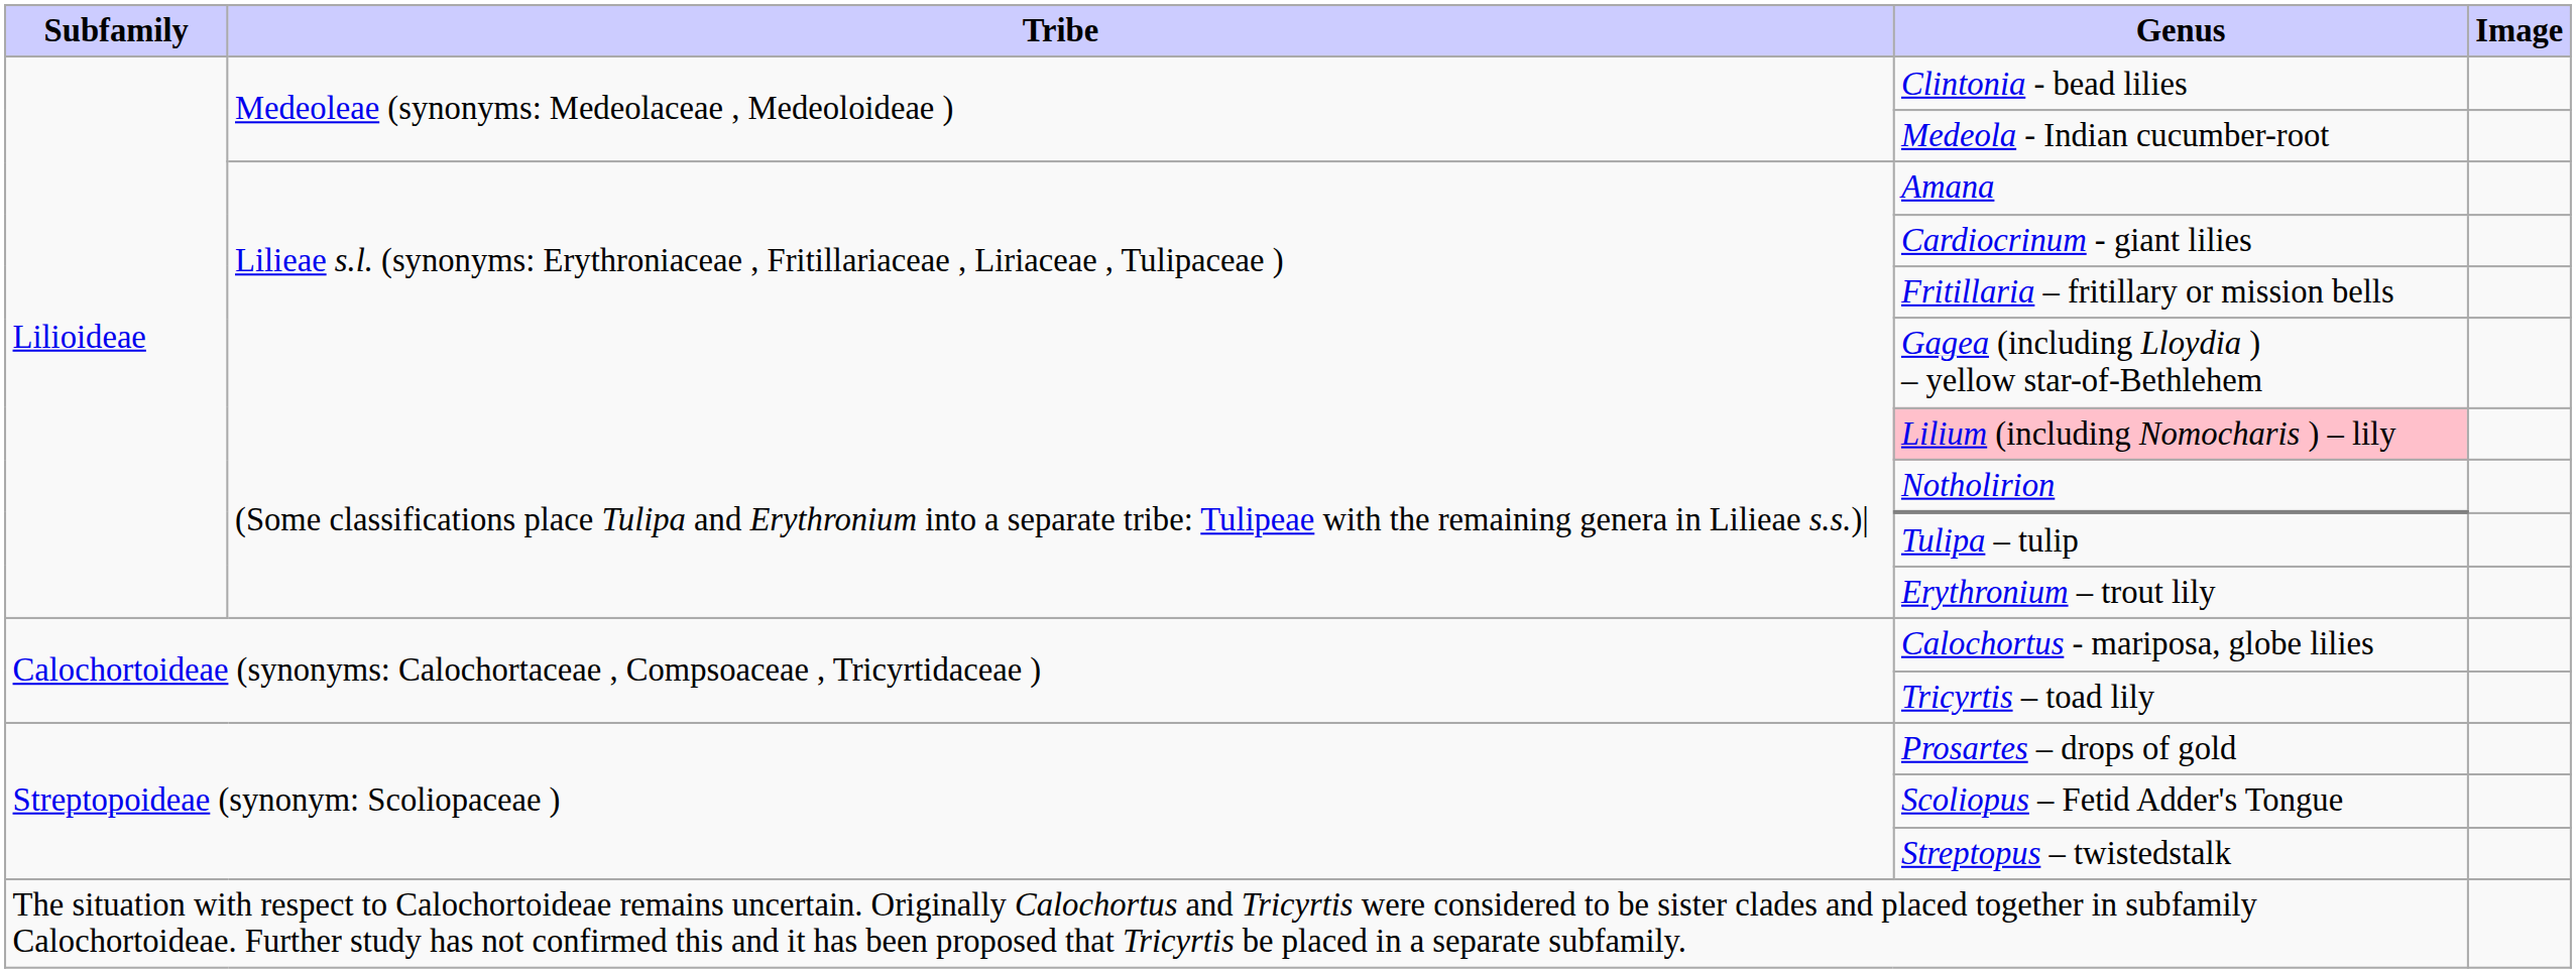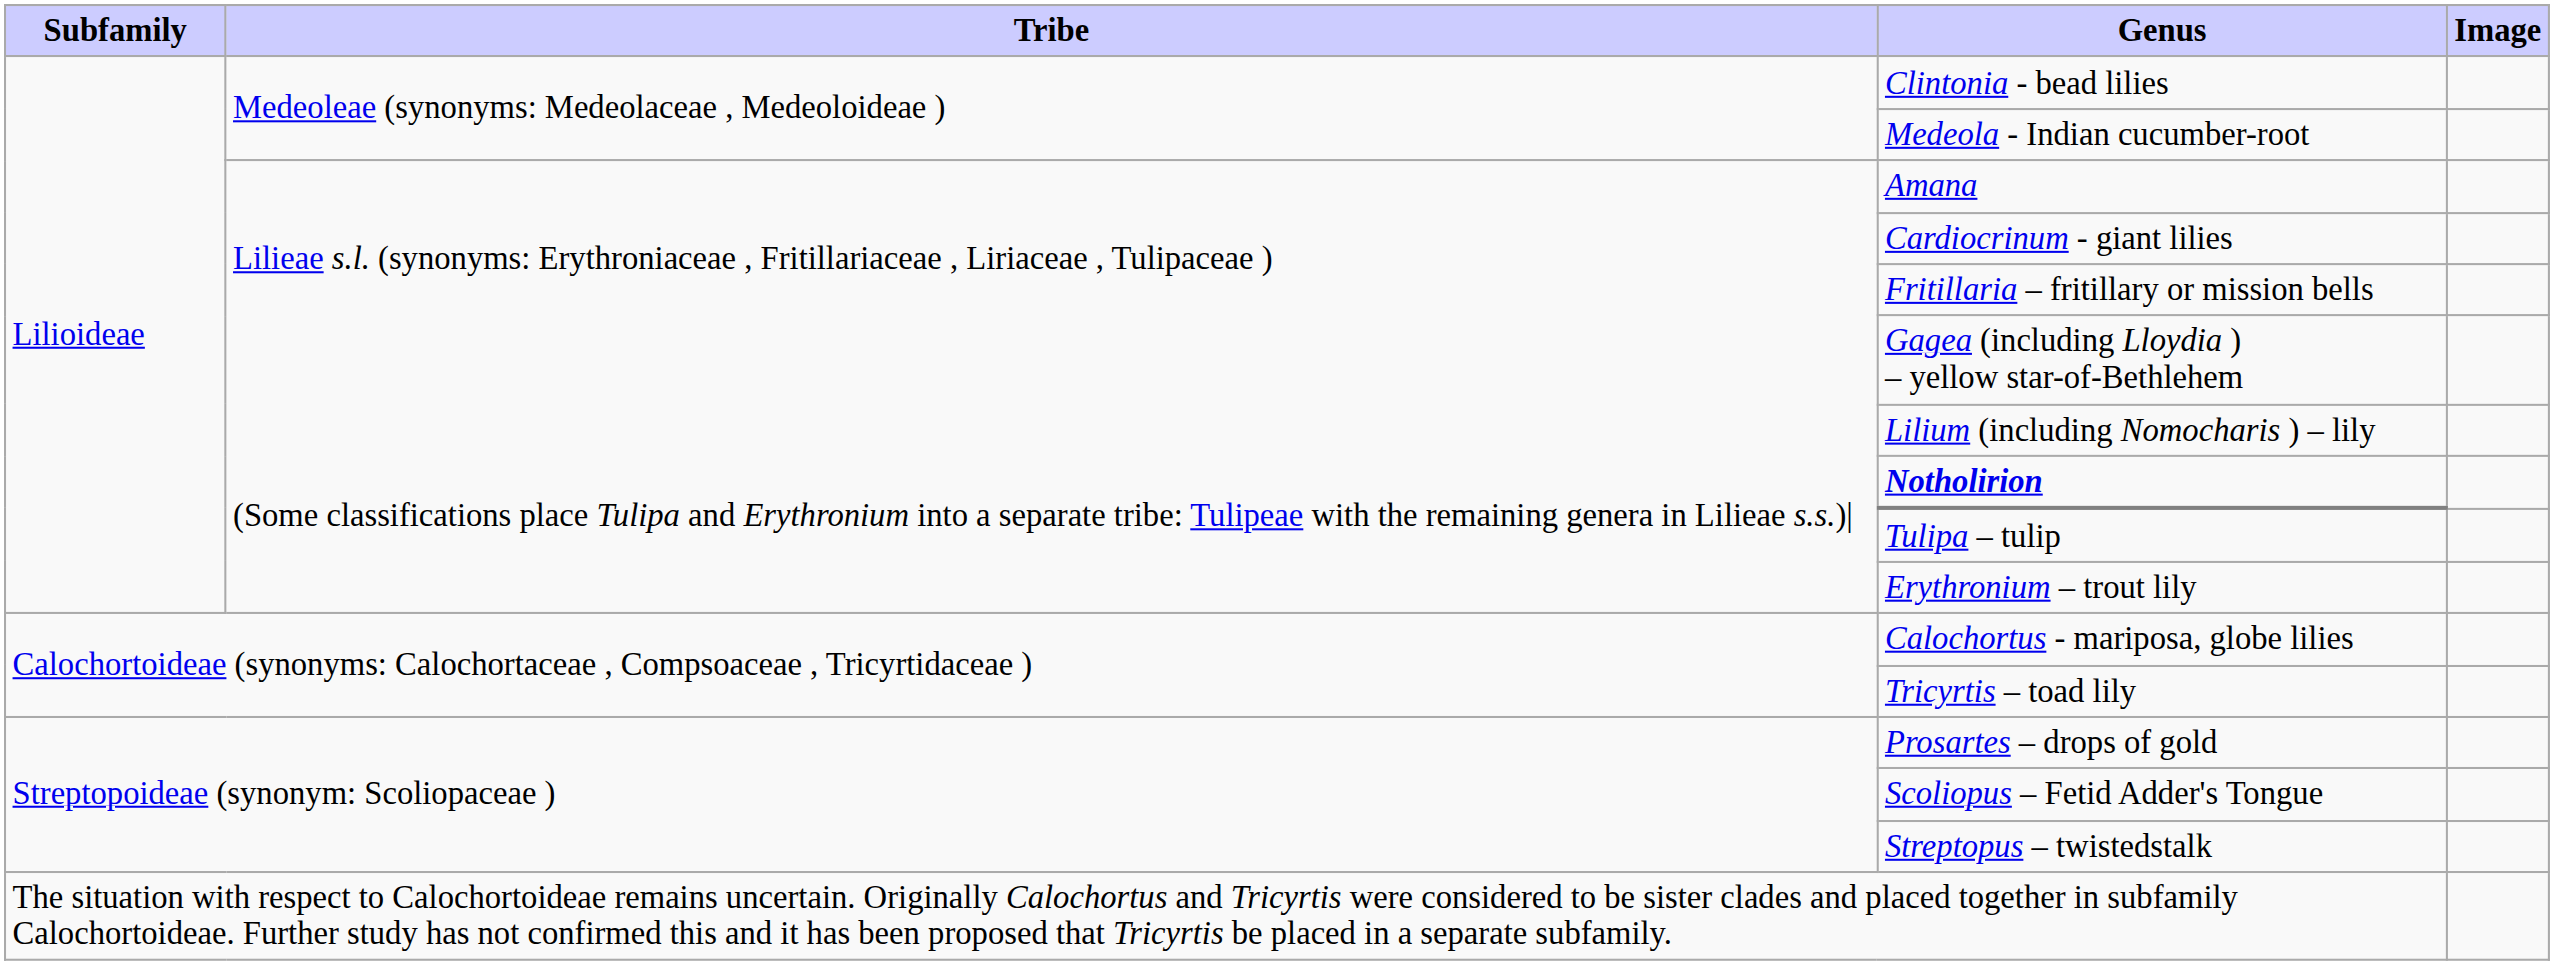 <table class="wikitable" border="1">
 <tr align="left">
 </tr>
 <tr>
 <th style="background: #ccf;">Subfamily</th>
 <th style="background: #ccf;">Tribe</th>
 <th style="background: #ccf;">Genus</th>
 <th style="background: #ccf;">Image</th>
 </tr>
 <tr>
 <td rowspan=10><a href='#'>Lilioideae</a> </td>
 <td rowspan=2><a href='#'>Medeoleae</a>  (synonyms: Medeolaceae , Medeoloideae )</td>
 <td><em><a href='#'>Clintonia</a></em>  - bead lilies</td>
 <td></td>
 </tr>
 <tr>
 <td><em><a href='#'>Medeola</a></em>  - Indian cucumber-root</td>
 <td></td>
 </tr>
 <tr>
 <td rowspan=8><a href='#'>Lilieae</a> <em>s.l.</em>  (synonyms: Erythroniaceae , Fritillariaceae , Liriaceae , Tulipaceae )<br><br><br><br><br><br><br>(Some classifications place <em>Tulipa</em> and <em>Erythronium</em> into a separate tribe: <a href='#'>Tulipeae</a> with the remaining genera in Lilieae <em>s.s.</em>)|</td>
 <td><em><a href='#'>Amana</a></em> </td>
 <td></td>
 </tr>
 <tr>
 <td><em><a href='#'>Cardiocrinum</a></em>  - giant lilies</td>
 <td></td>
 </tr>
 <tr>
 <td><em><a href='#'>Fritillaria</a></em>  – fritillary or mission bells</td>
 <td></td>
 </tr>
 <tr>
 <td><em><a href='#'>Gagea</a></em>  (including <em>Lloydia</em> )<br> – yellow star-of-Bethlehem</td>
 <td></td>
 </tr>
 <tr>
-<td style="background: pink;"><em><a href='#'>Lilium</a></em>  (including <em>Nomocharis</em> ) – lily</td>
+<td><em><a href='#'>Lilium</a></em>  (including <em>Nomocharis</em> ) – lily</td>
 <td></td>
 </tr>
 <tr>
-<td style="border-bottom:solid grey 2px"><em><a href='#'>Notholirion</a></em> </td>
+<td style="border-bottom:solid grey 2px"><strong><em><a href='#'>Notholirion</a></em> </strong></td>
 <td></td>
 </tr>
 <tr>
 <td><em><a href='#'>Tulipa</a></em>  – tulip</td>
 <td></td>
 </tr>
 <tr>
 <td><em><a href='#'>Erythronium</a></em>  – trout lily</td>
 <td></td>
 </tr>
 <tr>
 <td rowspan=2 colspan=2><a href='#'>Calochortoideae</a>  (synonyms: Calochortaceae , Compsoaceae , Tricyrtidaceae )</td>
 <td><em><a href='#'>Calochortus</a></em>   - mariposa, globe lilies</td>
 <td></td>
 </tr>
 <tr>
 <td><em><a href='#'>Tricyrtis</a></em>  – toad lily</td>
 <td></td>
 </tr>
 <tr>
 <td rowspan=3 colspan=2><a href='#'>Streptopoideae</a> (synonym: Scoliopaceae )</td>
 <td><em><a href='#'>Prosartes</a></em>  – drops of gold</td>
 <td></td>
 </tr>
 <tr>
 <td><em><a href='#'>Scoliopus</a></em>  – Fetid Adder's Tongue</td>
 <td></td>
 </tr>
 <tr>
 <td><em><a href='#'>Streptopus</a></em>  – twistedstalk</td>
 <td></td>
 </tr>
 <tr>
 <td colspan=3>The situation with respect to Calochortoideae remains uncertain. Originally <em>Calochortus</em> and <em>Tricyrtis</em> were considered to be sister clades and placed together in subfamily Calochortoideae. Further study has not confirmed this and it has been proposed that <em>Tricyrtis</em> be placed in a separate subfamily.</td>
 </tr>
 </table>
